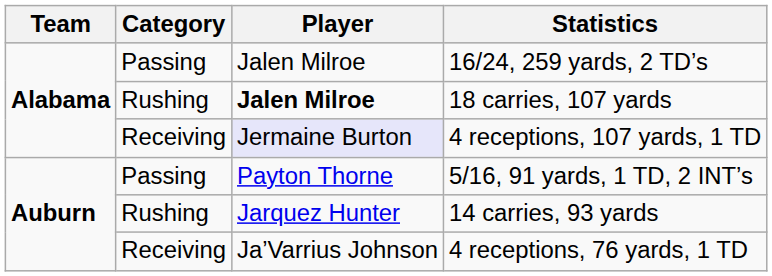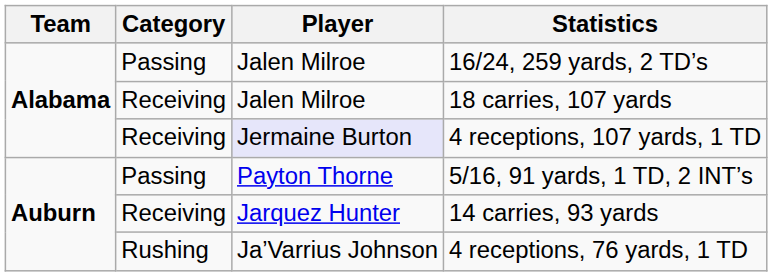 <table class="wikitable" style="float: right;">
 <tr>
 <th>Team</th>
 <th>Category</th>
 <th>Player</th>
 <th>Statistics</th>
 </tr>
 <tr>
 <td rowspan=3><strong>Alabama</strong></td>
 <td>Passing</td>
 <td>Jalen Milroe</td>
 <td>16/24, 259 yards, 2 TD’s</td>
 </tr>
 <tr>
-<td>Rushing</td>
-<td><strong>Jalen Milroe</strong></td>
+<td>Receiving</td>
+<td>Jalen Milroe</td>
 <td>18 carries, 107 yards</td>
 </tr>
 <tr>
 <td>Receiving</td>
 <td style="background: lavender;">Jermaine Burton</td>
 <td>4 receptions, 107 yards, 1 TD</td>
 </tr>
 <tr>
 <td rowspan=3><strong>Auburn</strong></td>
 <td>Passing</td>
 <td><a href='#'>Payton Thorne</a></td>
 <td>5/16, 91 yards, 1 TD, 2 INT’s</td>
 </tr>
 <tr>
-<td>Rushing</td>
+<td>Receiving</td>
 <td><a href='#'>Jarquez Hunter</a></td>
 <td>14 carries, 93 yards</td>
 </tr>
 <tr>
-<td>Receiving</td>
+<td>Rushing</td>
 <td>Ja’Varrius Johnson</td>
 <td>4 receptions, 76 yards, 1 TD</td>
 </tr>
 </table>
